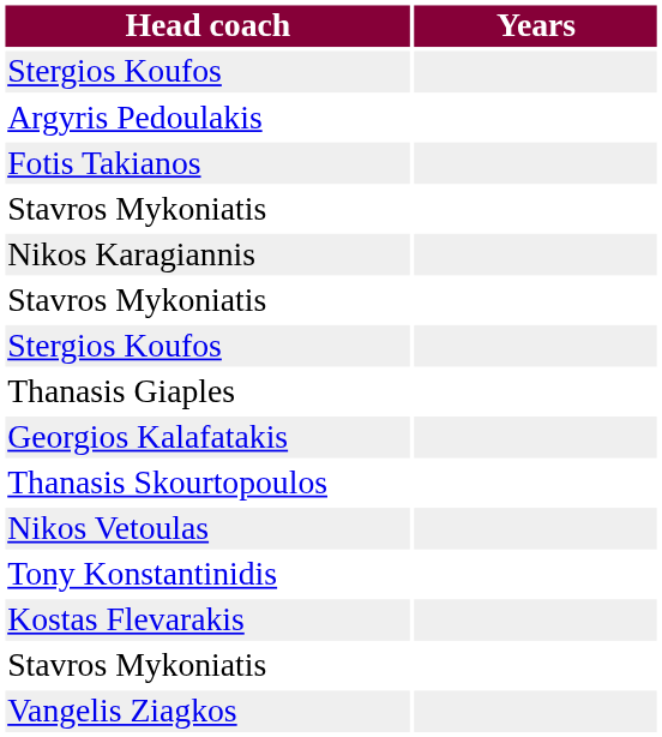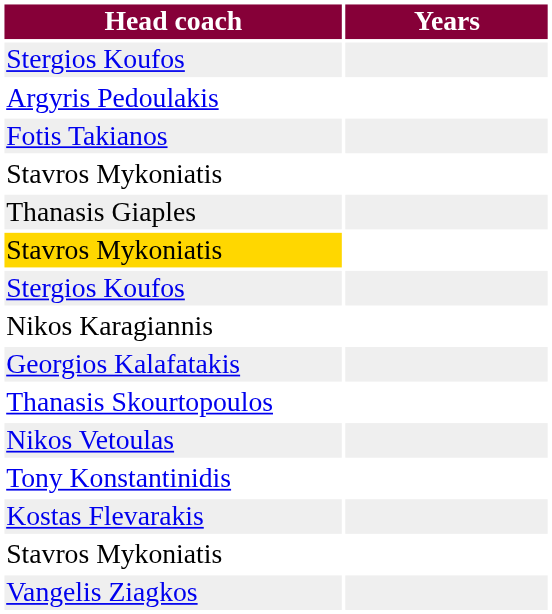 <table>
 <tr style="color:#FFFFFF; background:#860038">
 <th width="50%">Head coach</th>
 <th width="30%">Years</th>
 </tr>
 <tr bgcolor="#EFEFEF">
 <td> <a href='#'>Stergios Koufos</a></td>
 <td></td>
 </tr>
 <tr>
 <td> <a href='#'>Argyris Pedoulakis</a></td>
 <td></td>
 </tr>
 <tr bgcolor="#EFEFEF">
 <td> <a href='#'>Fotis Takianos</a></td>
 <td></td>
 </tr>
 <tr>
 <td> Stavros Mykoniatis</td>
 <td></td>
 </tr>
 <tr bgcolor="#EFEFEF">
-<td> Nikos Karagiannis</td>
+<td> Thanasis Giaples</td>
 <td></td>
 </tr>
 <tr>
-<td> Stavros Mykoniatis</td>
+<td style="background: gold;"> Stavros Mykoniatis</td>
 <td></td>
 </tr>
 <tr bgcolor="#EFEFEF">
 <td> <a href='#'>Stergios Koufos</a></td>
 <td></td>
 </tr>
 <tr>
-<td> Thanasis Giaples</td>
+<td> Nikos Karagiannis</td>
 <td></td>
 </tr>
 <tr bgcolor="#EFEFEF">
 <td> <a href='#'>Georgios Kalafatakis</a></td>
 <td></td>
 </tr>
 <tr>
 <td> <a href='#'>Thanasis Skourtopoulos</a></td>
 <td></td>
 </tr>
 <tr bgcolor="#EFEFEF">
 <td> <a href='#'>Nikos Vetoulas</a></td>
 <td></td>
 </tr>
 <tr>
 <td>  <a href='#'>Tony Konstantinidis</a></td>
 <td></td>
 </tr>
 <tr bgcolor="#EFEFEF">
 <td> <a href='#'>Kostas Flevarakis</a></td>
 <td></td>
 </tr>
 <tr>
 <td> Stavros Mykoniatis</td>
 <td></td>
 </tr>
 <tr bgcolor="#EFEFEF">
 <td> <a href='#'>Vangelis Ziagkos</a></td>
 <td></td>
 </tr>
 </table>
